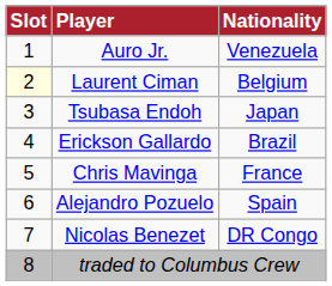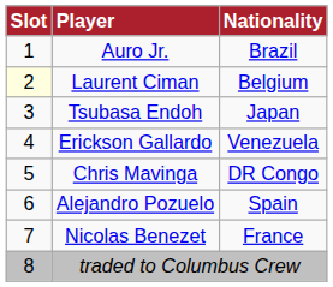 <table class="wikitable" style="text-align:center; margin-left:1em; font-size:85%;">
 <tr>
 <th style="background:#AC1F2D; color:white; text-align:center;">Slot</th>
 <th style="background:#AC1F2D; color:white; text-align:left;">Player</th>
 <th style="background:#AC1F2D; color:white; text-align:left;">Nationality</th>
 </tr>
 <tr>
 <td>1</td>
 <td><a href='#'>Auro Jr.</a></td>
-<td> <a href='#'>Venezuela</a></td>
+<td> <a href='#'>Brazil</a></td>
 </tr>
 <tr>
 <td style="background: lightyellow;">2</td>
 <td><a href='#'>Laurent Ciman</a></td>
 <td> <a href='#'>Belgium</a></td>
 </tr>
 <tr>
 <td>3</td>
 <td><a href='#'>Tsubasa Endoh</a></td>
 <td> <a href='#'>Japan</a></td>
 </tr>
 <tr>
 <td>4</td>
 <td><a href='#'>Erickson Gallardo</a></td>
-<td> <a href='#'>Brazil</a></td>
+<td> <a href='#'>Venezuela</a></td>
 </tr>
 <tr>
 <td>5</td>
 <td><a href='#'>Chris Mavinga</a></td>
-<td> <a href='#'>France</a></td>
+<td> <a href='#'>DR Congo</a></td>
 </tr>
 <tr>
 <td>6</td>
 <td><a href='#'>Alejandro Pozuelo</a></td>
 <td> <a href='#'>Spain</a></td>
 </tr>
 <tr>
 <td>7</td>
 <td><a href='#'>Nicolas Benezet</a></td>
-<td> <a href='#'>DR Congo</a></td>
+<td> <a href='#'>France</a></td>
 </tr>
 <tr>
 <td bgcolor=#C0C0C0>8</td>
 <td colspan=2 style="text-align: center;" bgcolor=#C0C0C0><em>traded to Columbus Crew</em></td>
 </tr>
 </table>
